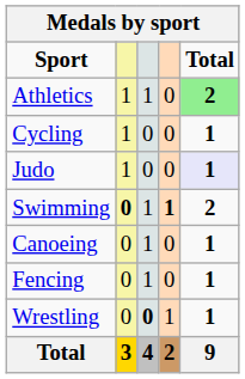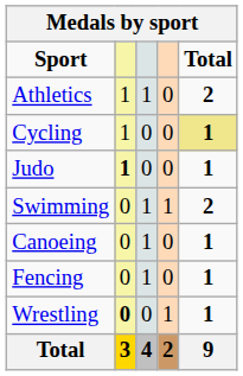 <table class="wikitable" style="font-size:85%;float:right;clear:right;">
 <tr style="background:#efefef;">
 <th colspan=5><strong>Medals by sport</strong></th>
 </tr>
 <tr align=center>
 <td><strong>Sport</strong></td>
 <td bgcolor=#f7f6a8></td>
 <td bgcolor=#dce5e5></td>
 <td bgcolor=#ffdab9></td>
 <td><strong>Total</strong></td>
 </tr>
 <tr align=center>
 <td align="left"><a href='#'>Athletics</a></td>
 <td style="background:#F7F6A8;">1</td>
 <td style="background:#DCE5E5;">1</td>
 <td style="background:#FFDAB9;">0</td>
-<td style="background: lightgreen;"><strong>2</strong></td>
+<td><strong>2</strong></td>
 </tr>
 <tr align=center>
 <td align="left"><a href='#'>Cycling</a></td>
 <td style="background:#F7F6A8;">1</td>
 <td style="background:#DCE5E5;">0</td>
 <td style="background:#FFDAB9;">0</td>
+<td style="background: khaki;"><strong>1</strong></td>
+</tr>
+<tr align=center>
+<td align="left"><a href='#'>Judo</a></td>
+<td style="background:#F7F6A8;"><strong>1</strong></td>
+<td style="background:#DCE5E5;">0</td>
+<td style="background:#FFDAB9;">0</td>
 <td><strong>1</strong></td>
 </tr>
 <tr align=center>
-<td align="left"><a href='#'>Judo</a></td>
-<td style="background:#F7F6A8;">1</td>
-<td style="background:#DCE5E5;">0</td>
-<td style="background:#FFDAB9;">0</td>
-<td style="background: lavender;"><strong>1</strong></td>
-</tr>
-<tr align=center>
 <td align="left"><a href='#'>Swimming</a></td>
-<td style="background:#F7F6A8;"><strong>0</strong></td>
+<td style="background:#F7F6A8;">0</td>
 <td style="background:#DCE5E5;">1</td>
-<td style="background:#FFDAB9;"><strong>1</strong></td>
+<td style="background:#FFDAB9;">1</td>
 <td><strong>2</strong></td>
 </tr>
 <tr align=center>
 <td align="left"><a href='#'>Canoeing</a></td>
 <td style="background:#F7F6A8;">0</td>
 <td style="background:#DCE5E5;">1</td>
 <td style="background:#FFDAB9;">0</td>
 <td><strong>1</strong></td>
 </tr>
 <tr align=center>
 <td align="left"><a href='#'>Fencing</a></td>
 <td style="background:#F7F6A8;">0</td>
 <td style="background:#DCE5E5;">1</td>
 <td style="background:#FFDAB9;">0</td>
 <td><strong>1</strong></td>
 </tr>
 <tr align=center>
 <td align="left"><a href='#'>Wrestling</a></td>
-<td style="background:#F7F6A8;">0</td>
-<td style="background:#DCE5E5;"><strong>0</strong></td>
+<td style="background:#F7F6A8;"><strong>0</strong></td>
+<td style="background:#DCE5E5;">0</td>
 <td style="background:#FFDAB9;">1</td>
 <td><strong>1</strong></td>
 </tr>
 <tr align=center>
 <th><strong>Total</strong></th>
 <th style="background:gold;"><strong>3</strong></th>
 <th style="background:silver;"><strong>4</strong></th>
 <th style="background:#c96;"><strong>2</strong></th>
 <th><strong>9</strong></th>
 </tr>
 </table>
